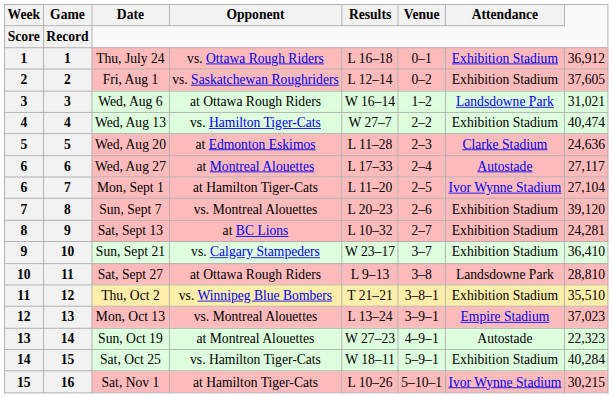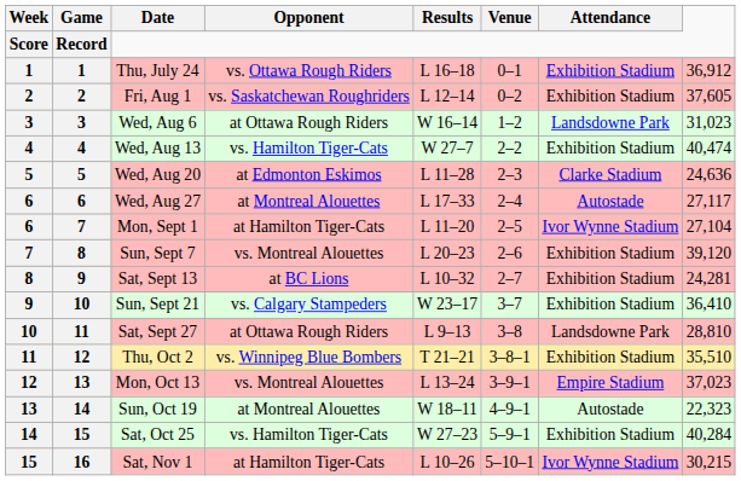 <table class="wikitable" style="text-align:center">
 <tr>
 <th>Week</th>
 <th>Game</th>
 <th>Date</th>
 <th>Opponent</th>
 <th>Results</th>
 <th>Venue</th>
 <th>Attendance</th>
 </tr>
 <tr>
 <th>Score</th>
 <th>Record</th>
 </tr>
 <tr style="background:#ffbbbb">
 <th>1</th>
 <th>1</th>
 <td>Thu, July 24</td>
 <td>vs. <a href='#'>Ottawa Rough Riders</a></td>
 <td>L 16–18</td>
 <td>0–1</td>
 <td><a href='#'>Exhibition Stadium</a></td>
 <td>36,912</td>
 </tr>
 <tr style="background:#ffbbbb">
 <th>2</th>
 <th>2</th>
 <td>Fri, Aug 1</td>
 <td>vs. <a href='#'>Saskatchewan Roughriders</a></td>
 <td>L 12–14</td>
 <td>0–2</td>
 <td>Exhibition Stadium</td>
 <td>37,605</td>
 </tr>
 <tr style="background:#ddffdd">
 <th>3</th>
 <th>3</th>
 <td>Wed, Aug 6</td>
 <td>at Ottawa Rough Riders</td>
 <td>W 16–14</td>
 <td>1–2</td>
 <td><a href='#'>Landsdowne Park</a></td>
-<td>31,021</td>
+<td>31,023</td>
 </tr>
 <tr style="background:#ddffdd">
 <th>4</th>
 <th>4</th>
 <td>Wed, Aug 13</td>
 <td>vs. <a href='#'>Hamilton Tiger-Cats</a></td>
 <td>W 27–7</td>
 <td>2–2</td>
 <td>Exhibition Stadium</td>
 <td>40,474</td>
 </tr>
 <tr style="background:#ffbbbb">
 <th>5</th>
 <th>5</th>
 <td>Wed, Aug 20</td>
 <td>at <a href='#'>Edmonton Eskimos</a></td>
 <td>L 11–28</td>
 <td>2–3</td>
 <td><a href='#'>Clarke Stadium</a></td>
 <td>24,636</td>
 </tr>
 <tr style="background:#ffbbbb">
 <th>6</th>
 <th>6</th>
 <td>Wed, Aug 27</td>
 <td>at <a href='#'>Montreal Alouettes</a></td>
 <td>L 17–33</td>
 <td>2–4</td>
 <td><a href='#'>Autostade</a></td>
 <td>27,117</td>
 </tr>
 <tr style="background:#ffbbbb">
 <th>6</th>
 <th>7</th>
 <td>Mon, Sept 1</td>
 <td>at Hamilton Tiger-Cats</td>
 <td>L 11–20</td>
 <td>2–5</td>
 <td><a href='#'>Ivor Wynne Stadium</a></td>
 <td>27,104</td>
 </tr>
 <tr style="background:#ffbbbb">
 <th>7</th>
 <th>8</th>
 <td>Sun, Sept 7</td>
 <td>vs. Montreal Alouettes</td>
 <td>L 20–23</td>
 <td>2–6</td>
 <td>Exhibition Stadium</td>
 <td>39,120</td>
 </tr>
 <tr style="background:#ffbbbb">
 <th>8</th>
 <th>9</th>
 <td>Sat, Sept 13</td>
 <td>at <a href='#'>BC Lions</a></td>
 <td>L 10–32</td>
 <td>2–7</td>
 <td>Exhibition Stadium</td>
 <td>24,281</td>
 </tr>
 <tr style="background:#ddffdd">
 <th>9</th>
 <th>10</th>
 <td>Sun, Sept 21</td>
 <td>vs. <a href='#'>Calgary Stampeders</a></td>
 <td>W 23–17</td>
 <td>3–7</td>
 <td>Exhibition Stadium</td>
 <td>36,410</td>
 </tr>
 <tr style="background:#ffbbbb">
 <th>10</th>
 <th>11</th>
 <td>Sat, Sept 27</td>
 <td>at Ottawa Rough Riders</td>
 <td>L 9–13</td>
 <td>3–8</td>
 <td>Landsdowne Park</td>
 <td>28,810</td>
 </tr>
 <tr style="background:#ffeeaa">
 <th>11</th>
 <th>12</th>
 <td>Thu, Oct 2</td>
 <td>vs. <a href='#'>Winnipeg Blue Bombers</a></td>
 <td>T 21–21</td>
 <td>3–8–1</td>
 <td>Exhibition Stadium</td>
 <td>35,510</td>
 </tr>
 <tr style="background:#ffbbbb">
 <th>12</th>
 <th>13</th>
 <td>Mon, Oct 13</td>
 <td>vs. Montreal Alouettes</td>
 <td>L 13–24</td>
 <td>3–9–1</td>
 <td><a href='#'>Empire Stadium</a></td>
 <td>37,023</td>
 </tr>
 <tr style="background:#ddffdd">
 <th>13</th>
 <th>14</th>
 <td>Sun, Oct 19</td>
 <td>at Montreal Alouettes</td>
-<td>W 27–23</td>
+<td>W 18–11</td>
 <td>4–9–1</td>
 <td>Autostade</td>
 <td>22,323</td>
 </tr>
 <tr style="background:#ddffdd">
 <th>14</th>
 <th>15</th>
 <td>Sat, Oct 25</td>
 <td>vs. Hamilton Tiger-Cats</td>
-<td>W 18–11</td>
+<td>W 27–23</td>
 <td>5–9–1</td>
 <td>Exhibition Stadium</td>
 <td>40,284</td>
 </tr>
 <tr style="background:#ffbbbb">
 <th>15</th>
 <th>16</th>
 <td>Sat, Nov 1</td>
 <td>at Hamilton Tiger-Cats</td>
 <td>L 10–26</td>
 <td>5–10–1</td>
 <td><a href='#'>Ivor Wynne Stadium</a></td>
 <td>30,215</td>
 </tr>
 </table>
